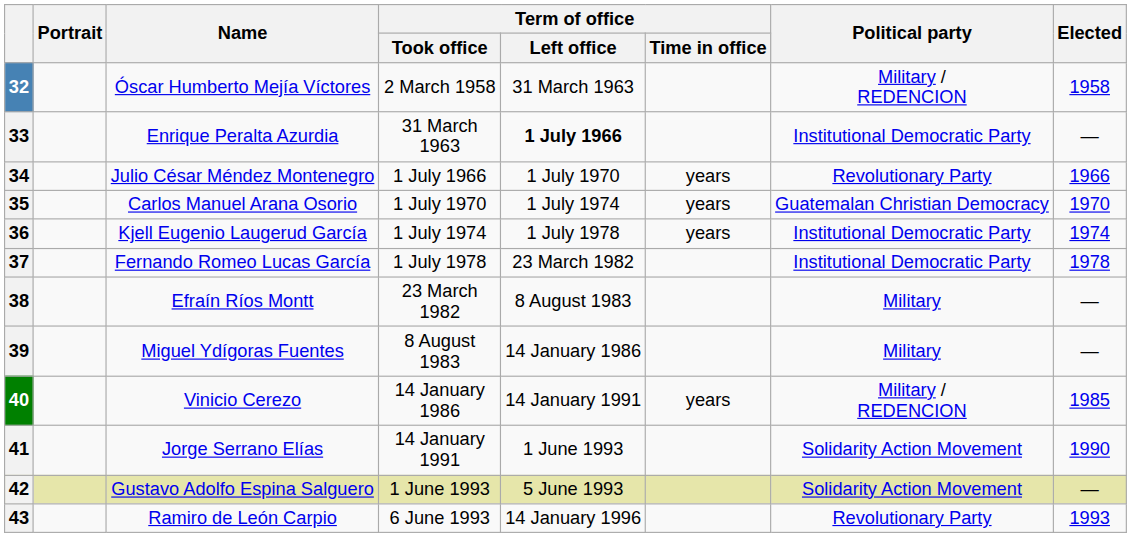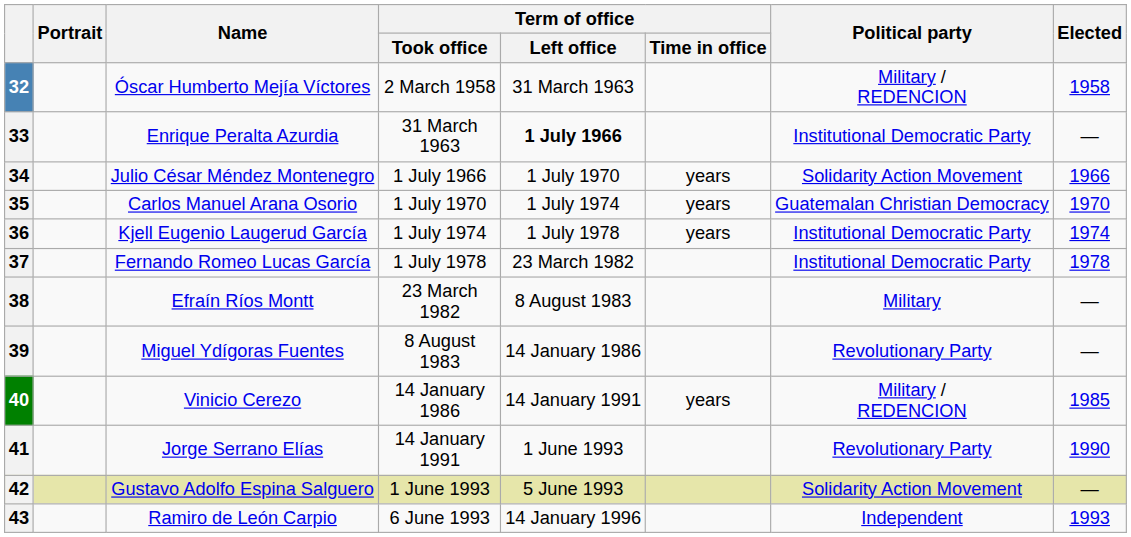 <table class="wikitable" style="text-align:center">
 <tr>
 <th rowspan="2"></th>
 <th rowspan="2">Portrait</th>
 <th rowspan="2">Name<br></th>
 <th colspan="3">Term of office</th>
 <th rowspan="2">Political party</th>
 <th rowspan="2">Elected</th>
 </tr>
 <tr style="background:#cccccc">
 <th width="100">Took office</th>
 <th>Left office</th>
 <th>Time in office</th>
 </tr>
 <tr>
 <th style="background:#4682B4; color:white">32</th>
 <td></td>
 <td><a href='#'>Óscar Humberto Mejía Víctores</a><br></td>
 <td>2 March 1958</td>
 <td>31 March 1963<br></td>
 <td></td>
 <td><a href='#'>Military</a> /<br><a href='#'>REDENCION</a></td>
 <td><a href='#'>1958</a></td>
 </tr>
 <tr>
 <th style="background:">33</th>
 <td></td>
 <td><a href='#'>Enrique Peralta Azurdia</a><br></td>
 <td>31 March 1963</td>
 <td><strong>1 July 1966</strong></td>
 <td></td>
 <td><a href='#'>Institutional Democratic Party</a></td>
 <td>—</td>
 </tr>
 <tr>
 <th style="background:">34</th>
 <td></td>
 <td><a href='#'>Julio César Méndez Montenegro</a><br></td>
 <td>1 July 1966</td>
 <td>1 July 1970</td>
 <td> years</td>
-<td><a href='#'>Revolutionary Party</a></td>
+<td><a href='#'>Solidarity Action Movement</a></td>
 <td><a href='#'>1966</a></td>
 </tr>
 <tr>
 <th style="background:">35</th>
 <td></td>
 <td><a href='#'>Carlos Manuel Arana Osorio</a><br></td>
 <td>1 July 1970</td>
 <td>1 July 1974</td>
 <td> years</td>
 <td><a href='#'>Guatemalan Christian Democracy</a></td>
 <td><a href='#'>1970</a></td>
 </tr>
 <tr>
 <th style="background:">36</th>
 <td></td>
 <td><a href='#'>Kjell Eugenio Laugerud García</a><br></td>
 <td>1 July 1974</td>
 <td>1 July 1978</td>
 <td> years</td>
 <td><a href='#'>Institutional Democratic Party</a></td>
 <td><a href='#'>1974</a></td>
 </tr>
 <tr>
 <th style="background:">37</th>
 <td></td>
 <td><a href='#'>Fernando Romeo Lucas García</a><br></td>
 <td>1 July 1978</td>
 <td>23 March 1982<br></td>
 <td></td>
 <td><a href='#'>Institutional Democratic Party</a></td>
 <td><a href='#'>1978</a></td>
 </tr>
 <tr>
 <th style="background:">38</th>
 <td></td>
 <td><a href='#'>Efraín Ríos Montt</a><br></td>
 <td>23 March 1982</td>
 <td>8 August 1983<br></td>
 <td></td>
 <td><a href='#'>Military</a></td>
 <td>—</td>
 </tr>
 <tr>
 <th style="background:">39</th>
 <td></td>
 <td><a href='#'>Miguel Ydígoras Fuentes</a><br></td>
 <td>8 August 1983</td>
 <td>14 January 1986</td>
 <td></td>
-<td><a href='#'>Military</a></td>
+<td><a href='#'>Revolutionary Party</a></td>
 <td>—</td>
 </tr>
 <tr>
 <th style="background:Green; color:white">40</th>
 <td></td>
 <td><a href='#'>Vinicio Cerezo</a><br></td>
 <td>14 January 1986</td>
 <td>14 January 1991</td>
 <td> years</td>
 <td><a href='#'>Military</a> /<br><a href='#'>REDENCION</a></td>
 <td><a href='#'>1985</a></td>
 </tr>
 <tr>
 <th style="background:">41</th>
 <td></td>
 <td><a href='#'>Jorge Serrano Elías</a><br></td>
 <td>14 January 1991</td>
 <td>1 June 1993<br></td>
 <td></td>
-<td><a href='#'>Solidarity Action Movement</a></td>
+<td><a href='#'>Revolutionary Party</a></td>
 <td><a href='#'>1990</a></td>
 </tr>
 <tr style="background:#E6E6AA">
 <th style="background:">42</th>
 <td></td>
 <td><a href='#'>Gustavo Adolfo Espina Salguero</a><br></td>
 <td>1 June 1993</td>
 <td>5 June 1993</td>
 <td></td>
 <td><a href='#'>Solidarity Action Movement</a></td>
 <td>—</td>
 </tr>
 <tr>
 <th style="background:">43</th>
 <td></td>
 <td><a href='#'>Ramiro de León Carpio</a><br></td>
 <td>6 June 1993</td>
 <td>14 January 1996</td>
 <td></td>
-<td><a href='#'>Revolutionary Party</a></td>
+<td><a href='#'>Independent</a></td>
 <td><a href='#'>1993</a></td>
 </tr>
 </table>
